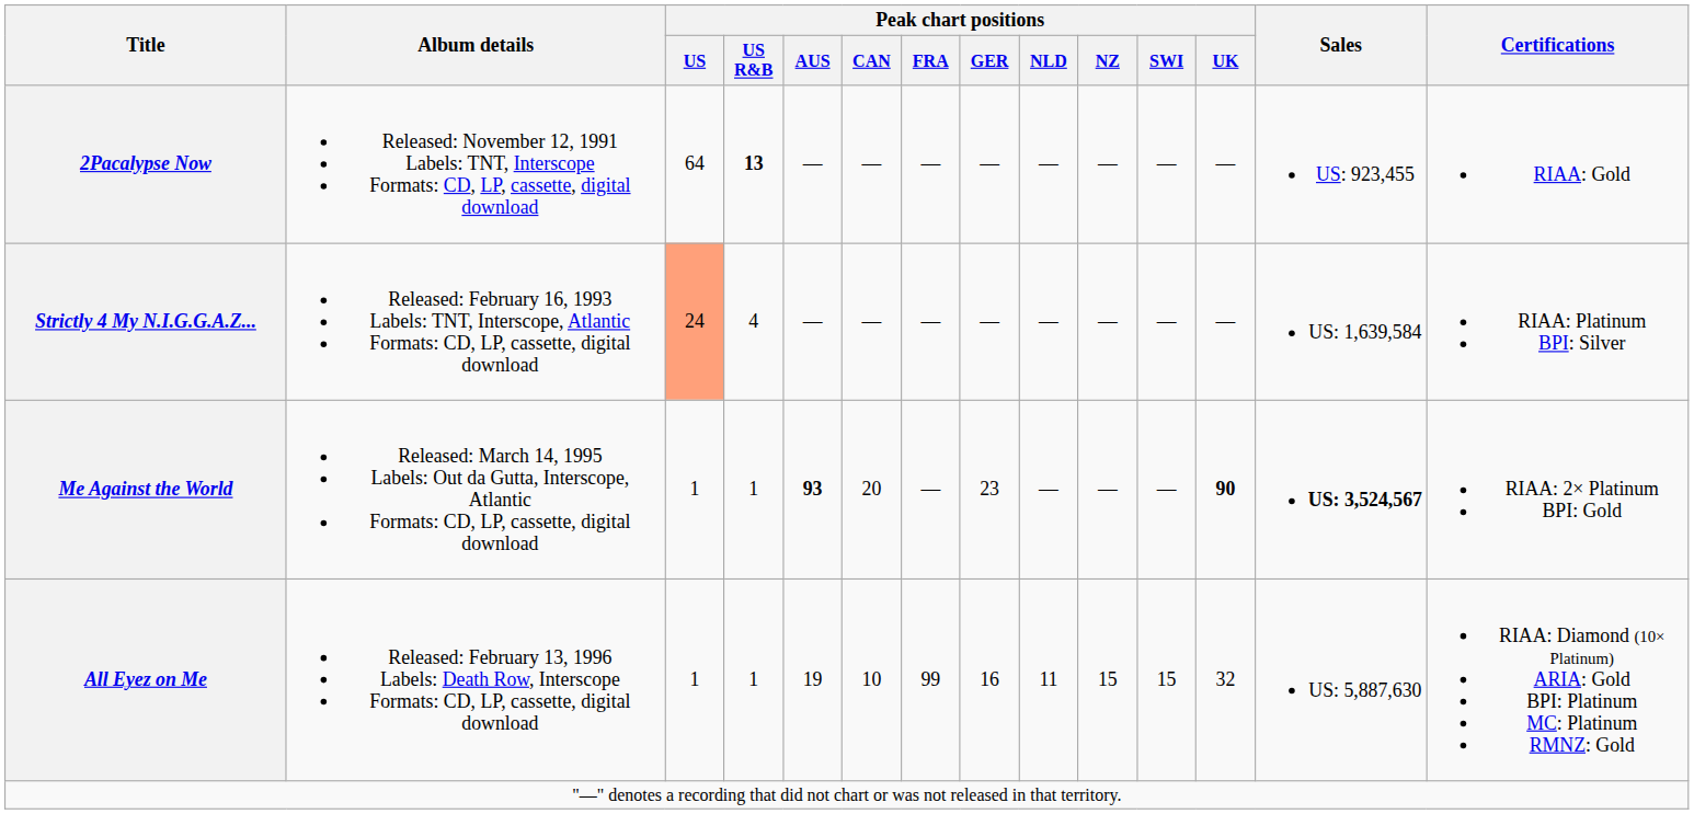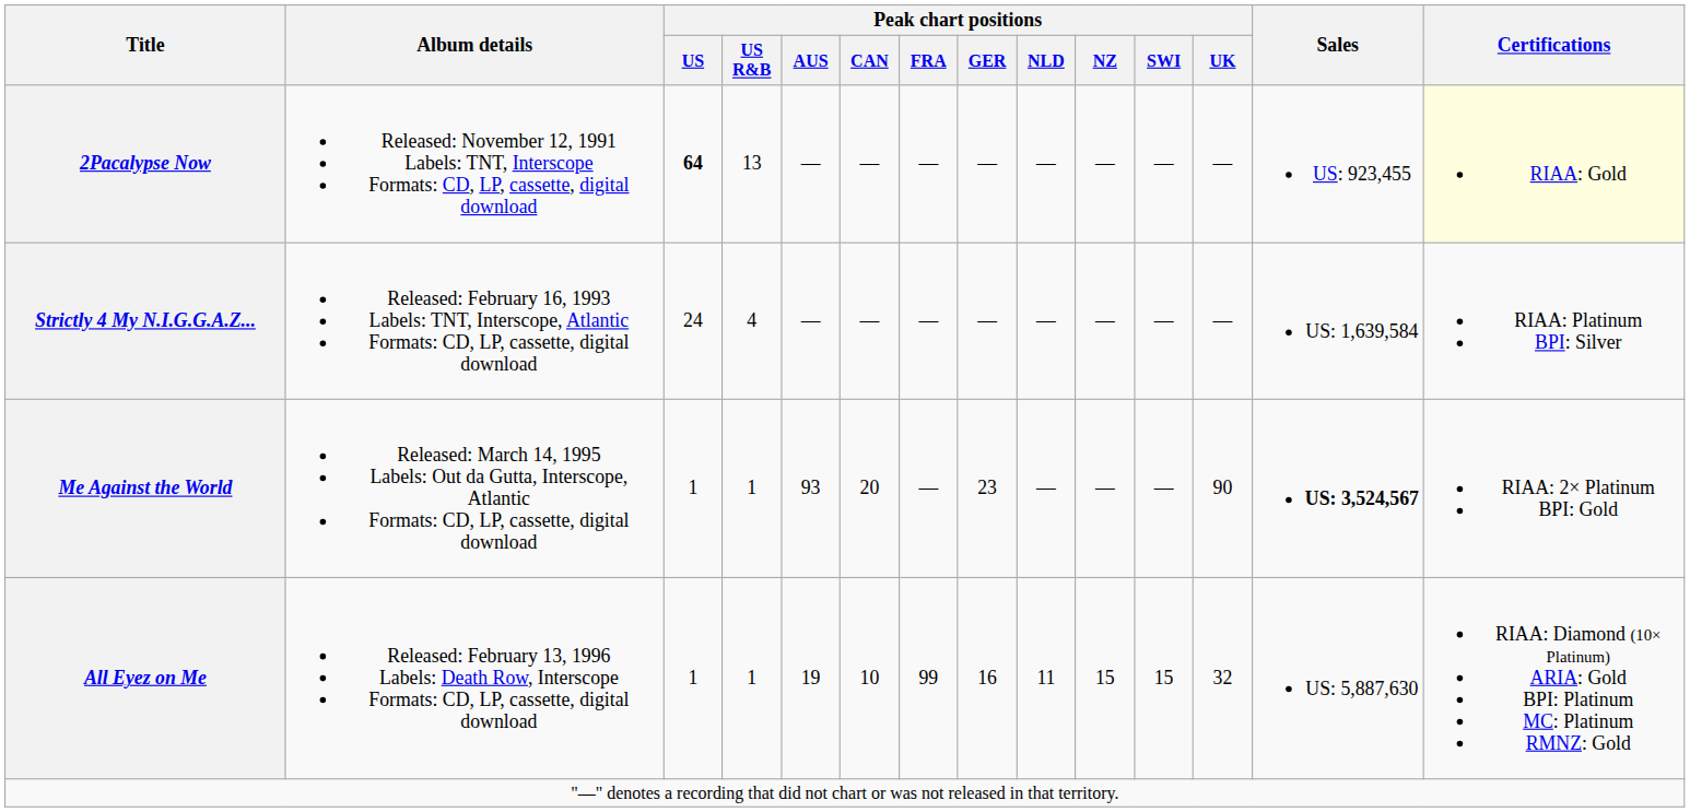 <table class="wikitable plainrowheaders" style="text-align:center;">
 <tr>
 <th scope="col" rowspan="2" style="width:14em;">Title</th>
 <th scope="col" rowspan="2" style="width:19em;">Album details</th>
 <th scope="col" colspan="10">Peak chart positions</th>
 <th scope="col" rowspan="2">Sales</th>
 <th scope="col" rowspan="2" style="width:13em;"><a href='#'>Certifications</a></th>
 </tr>
 <tr>
 <th scope="col" style="width:2.9em;font-size:90%;"><a href='#'>US</a><br></th>
 <th scope="col" style="width:2.9em;font-size:90%;"><a href='#'>US<br>R&B</a><br></th>
 <th scope="col" style="width:2.9em;font-size:90%;"><a href='#'>AUS</a><br></th>
 <th scope="col" style="width:2.9em;font-size:90%;"><a href='#'>CAN</a><br></th>
 <th scope="col" style="width:2.9em;font-size:90%;"><a href='#'>FRA</a><br></th>
 <th scope="col" style="width:2.9em;font-size:90%;"><a href='#'>GER</a><br></th>
 <th scope="col" style="width:2.9em;font-size:90%;"><a href='#'>NLD</a><br></th>
 <th scope="col" style="width:2.9em;font-size:90%;"><a href='#'>NZ</a><br></th>
 <th scope="col" style="width:2.9em;font-size:90%;"><a href='#'>SWI</a><br></th>
 <th scope="col" style="width:2.9em;font-size:90%;"><a href='#'>UK</a><br></th>
 </tr>
 <tr>
 <th scope="row"><em><a href='#'>2Pacalypse Now</a></em></th>
 <td><br><ul><li>Released: November 12, 1991</li><li>Labels: TNT, <a href='#'>Interscope</a></li><li>Formats: <a href='#'>CD</a>, <a href='#'>LP</a>, <a href='#'>cassette</a>, <a href='#'>digital download</a></li></ul></td>
-<td>64</td>
-<td><strong>13</strong></td>
+<td><strong>64</strong></td>
+<td>13</td>
 <td>—</td>
 <td>—</td>
 <td>—</td>
 <td>—</td>
 <td>—</td>
 <td>—</td>
 <td>—</td>
 <td>—</td>
 <td><br><ul><li><a href='#'>US</a>: 923,455</li></ul></td>
-<td><br><ul><li><a href='#'>RIAA</a>: Gold</li></ul></td>
+<td style="background: lightyellow;"><br><ul><li><a href='#'>RIAA</a>: Gold</li></ul></td>
 </tr>
 <tr>
 <th scope="row"><em><a href='#'>Strictly 4 My N.I.G.G.A.Z...</a></em></th>
 <td><br><ul><li>Released: February 16, 1993</li><li>Labels: TNT, Interscope, <a href='#'>Atlantic</a></li><li>Formats: CD, LP, cassette, digital download</li></ul></td>
-<td style="background: lightsalmon;">24</td>
+<td>24</td>
 <td>4</td>
 <td>—</td>
 <td>—</td>
 <td>—</td>
 <td>—</td>
 <td>—</td>
 <td>—</td>
 <td>—</td>
 <td>—</td>
 <td><br><ul><li>US: 1,639,584</li></ul></td>
 <td><br><ul><li>RIAA: Platinum</li><li><a href='#'>BPI</a>: Silver</li></ul></td>
 </tr>
 <tr>
 <th scope="row"><em><a href='#'>Me Against the World</a></em></th>
 <td><br><ul><li>Released: March 14, 1995</li><li>Labels: Out da Gutta, Interscope, Atlantic</li><li>Formats: CD, LP, cassette, digital download</li></ul></td>
 <td>1</td>
 <td>1</td>
-<td><strong>93</strong></td>
+<td>93</td>
 <td>20</td>
 <td>—</td>
 <td>23</td>
 <td>—</td>
 <td>—</td>
 <td>—</td>
-<td><strong>90</strong></td>
+<td>90</td>
 <td><strong><br><ul><li>US:  3,524,567</li></ul></strong></td>
 <td><br><ul><li>RIAA: 2× Platinum</li><li>BPI: Gold</li></ul></td>
 </tr>
 <tr>
 <th scope="row"><em><a href='#'>All Eyez on Me</a></em></th>
 <td><br><ul><li>Released: February 13, 1996</li><li>Labels: <a href='#'>Death Row</a>, Interscope</li><li>Formats: CD, LP, cassette, digital download</li></ul></td>
 <td>1</td>
 <td>1</td>
 <td>19</td>
 <td>10</td>
 <td>99</td>
 <td>16</td>
 <td>11</td>
 <td>15</td>
 <td>15</td>
 <td>32</td>
 <td><br><ul><li>US:  5,887,630</li></ul></td>
 <td><br><ul><li>RIAA: Diamond <small>(10× Platinum)</small></li><li><a href='#'>ARIA</a>: Gold</li><li>BPI: Platinum</li><li><a href='#'>MC</a>: Platinum</li><li><a href='#'>RMNZ</a>: Gold</li></ul></td>
 </tr>
 <tr>
 <td colspan="14" style="font-size:90%">"—" denotes a recording that did not chart or was not released in that territory.</td>
 </tr>
 </table>
